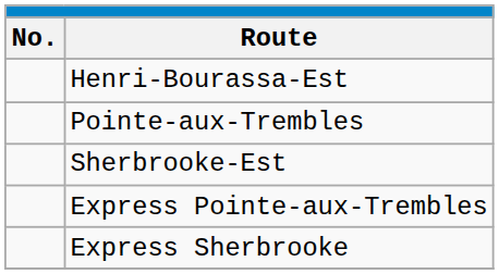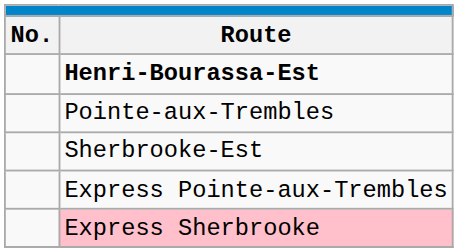 <table align=center class="wikitable">
 <tr>
 <th style="background: #0085CA; font-size:100%; color:#FFFFFF;"colspan="4"><a href='#'></a></th>
 </tr>
 <tr>
 <th>No.</th>
 <th>Route</th>
 </tr>
 <tr>
 <td></td>
-<td>Henri-Bourassa-Est</td>
+<td><strong>Henri-Bourassa-Est</strong></td>
 </tr>
 <tr>
 <td></td>
 <td>Pointe-aux-Trembles</td>
 </tr>
 <tr>
 <td></td>
 <td>Sherbrooke-Est</td>
 </tr>
 <tr>
 <td></td>
 <td>Express Pointe-aux-Trembles</td>
 </tr>
 <tr>
 <td></td>
-<td>Express Sherbrooke</td>
+<td style="background: pink;">Express Sherbrooke</td>
 </tr>
 <tr>
 </tr>
 </table>
